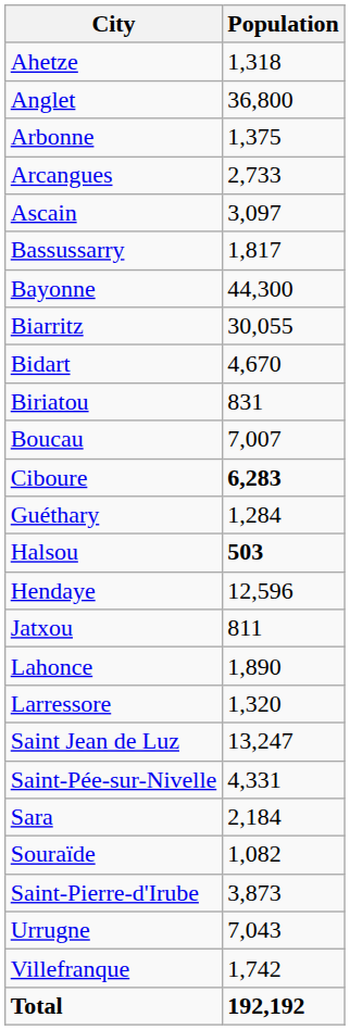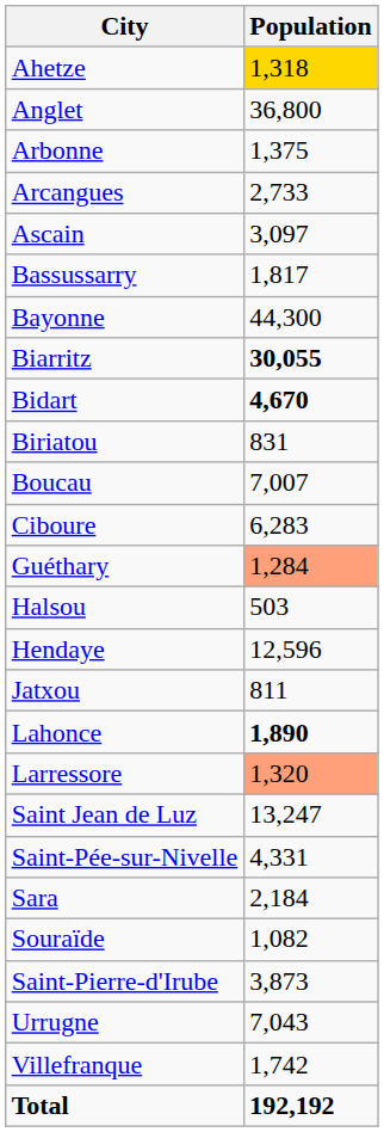 <table class="wikitable sortable">
 <tr>
 <th>City</th>
 <th>Population</th>
 </tr>
 <tr>
 <td><a href='#'>Ahetze</a></td>
-<td>1,318</td>
+<td style="background: gold;">1,318</td>
 </tr>
 <tr>
 <td><a href='#'>Anglet</a></td>
 <td>36,800</td>
 </tr>
 <tr>
 <td><a href='#'>Arbonne</a></td>
 <td>1,375</td>
 </tr>
 <tr>
 <td><a href='#'>Arcangues</a></td>
 <td>2,733</td>
 </tr>
 <tr>
 <td><a href='#'>Ascain</a></td>
 <td>3,097</td>
 </tr>
 <tr>
 <td><a href='#'>Bassussarry</a></td>
 <td>1,817</td>
 </tr>
 <tr>
 <td><a href='#'>Bayonne</a></td>
 <td>44,300</td>
 </tr>
 <tr>
 <td><a href='#'>Biarritz</a></td>
-<td>30,055</td>
+<td><strong>30,055</strong></td>
 </tr>
 <tr>
 <td><a href='#'>Bidart</a></td>
-<td>4,670</td>
+<td><strong>4,670</strong></td>
 </tr>
 <tr>
 <td><a href='#'>Biriatou</a></td>
 <td>831</td>
 </tr>
 <tr>
 <td><a href='#'>Boucau</a></td>
 <td>7,007</td>
 </tr>
 <tr>
 <td><a href='#'>Ciboure</a></td>
-<td><strong>6,283</strong></td>
+<td>6,283</td>
 </tr>
 <tr>
 <td><a href='#'>Guéthary</a></td>
-<td>1,284</td>
+<td style="background: lightsalmon;">1,284</td>
 </tr>
 <tr>
 <td><a href='#'>Halsou</a></td>
-<td><strong>503</strong></td>
+<td>503</td>
 </tr>
 <tr>
 <td><a href='#'>Hendaye</a></td>
 <td>12,596</td>
 </tr>
 <tr>
 <td><a href='#'>Jatxou</a></td>
 <td>811</td>
 </tr>
 <tr>
 <td><a href='#'>Lahonce</a></td>
-<td>1,890</td>
+<td><strong>1,890</strong></td>
 </tr>
 <tr>
 <td><a href='#'>Larressore</a></td>
-<td>1,320</td>
+<td style="background: lightsalmon;">1,320</td>
 </tr>
 <tr>
 <td><a href='#'>Saint Jean de Luz</a></td>
 <td>13,247</td>
 </tr>
 <tr>
 <td><a href='#'>Saint-Pée-sur-Nivelle</a></td>
 <td>4,331</td>
 </tr>
 <tr>
 <td><a href='#'>Sara</a></td>
 <td>2,184</td>
 </tr>
 <tr>
 <td><a href='#'>Souraïde</a></td>
 <td>1,082</td>
 </tr>
 <tr>
 <td><a href='#'>Saint-Pierre-d'Irube</a></td>
 <td>3,873</td>
 </tr>
 <tr>
 <td><a href='#'>Urrugne</a></td>
 <td>7,043</td>
 </tr>
 <tr>
 <td><a href='#'>Villefranque</a></td>
 <td>1,742</td>
 </tr>
 <tr>
 <td><strong>Total</strong></td>
 <td><strong>192,192</strong></td>
 </tr>
 </table>
